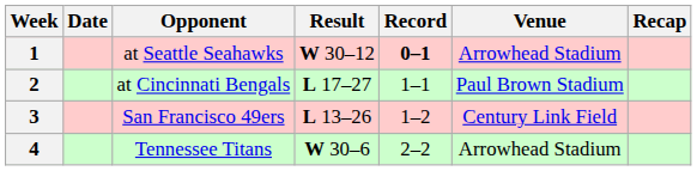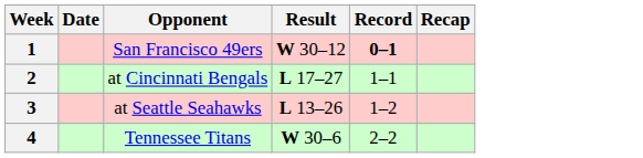 <table class="wikitable" style="text-align:center">
 <tr>
 <th>Week</th>
 <th>Date</th>
 <th>Opponent</th>
 <th>Result</th>
 <th>Record</th>
-<th>Venue</th>
 <th>Recap</th>
 </tr>
 <tr style="background:#fcc">
 <th>1</th>
 <td></td>
-<td>at <a href='#'>Seattle Seahawks</a></td>
+<td><a href='#'>San Francisco 49ers</a></td>
 <td><strong>W</strong> 30–12</td>
 <td><strong>0–1</strong></td>
-<td><a href='#'>Arrowhead Stadium</a></td>
 <td></td>
 </tr>
 <tr style="background:#cfc">
 <th>2</th>
 <td></td>
 <td>at <a href='#'>Cincinnati Bengals</a></td>
 <td><strong>L</strong> 17–27</td>
 <td>1–1</td>
-<td><a href='#'>Paul Brown Stadium</a></td>
 <td></td>
 </tr>
 <tr style="background:#fcc">
 <th>3</th>
 <td></td>
-<td><a href='#'>San Francisco 49ers</a></td>
+<td>at <a href='#'>Seattle Seahawks</a></td>
 <td><strong>L</strong> 13–26</td>
 <td>1–2</td>
-<td><a href='#'>Century Link Field</a></td>
 <td></td>
 </tr>
 <tr style="background:#cfc">
 <th>4</th>
 <td></td>
 <td><a href='#'>Tennessee Titans</a></td>
 <td><strong>W</strong> 30–6</td>
 <td>2–2</td>
-<td>Arrowhead Stadium</td>
 <td></td>
 </tr>
 </table>
